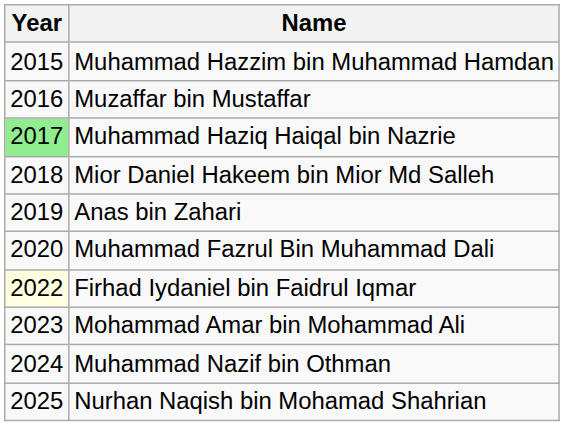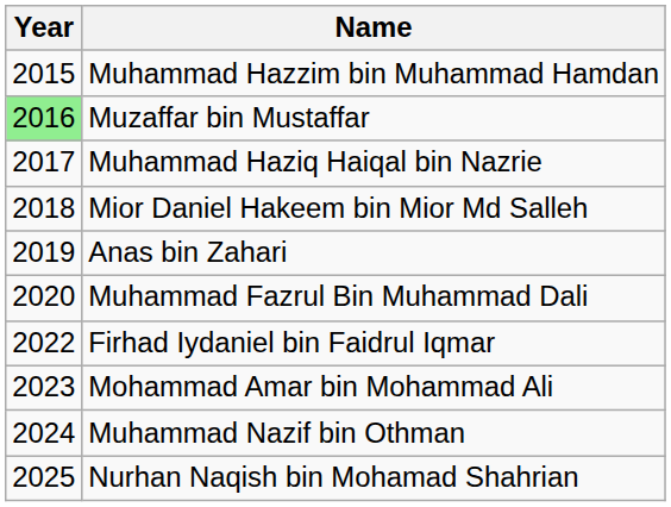 <table class="wikitable">
 <tr>
 <th>Year</th>
 <th>Name</th>
 </tr>
 <tr>
 <td>2015</td>
 <td>Muhammad Hazzim bin Muhammad Hamdan</td>
 </tr>
 <tr>
-<td>2016</td>
+<td style="background: lightgreen;">2016</td>
 <td>Muzaffar bin Mustaffar</td>
 </tr>
 <tr>
-<td style="background: lightgreen;">2017</td>
+<td>2017</td>
 <td>Muhammad Haziq Haiqal bin Nazrie</td>
 </tr>
 <tr>
 <td>2018</td>
 <td>Mior Daniel Hakeem bin Mior Md Salleh</td>
 </tr>
 <tr>
 <td>2019</td>
 <td>Anas bin Zahari</td>
 </tr>
 <tr>
 <td>2020</td>
 <td>Muhammad Fazrul Bin Muhammad Dali</td>
 </tr>
 <tr>
-<td style="background: lightyellow;">2022</td>
+<td>2022</td>
 <td>Firhad Iydaniel bin Faidrul Iqmar</td>
 </tr>
 <tr>
 <td>2023</td>
 <td>Mohammad Amar bin Mohammad Ali</td>
 </tr>
 <tr>
 <td>2024</td>
 <td>Muhammad Nazif bin Othman</td>
 </tr>
 <tr>
 <td>2025</td>
 <td>Nurhan Naqish bin Mohamad Shahrian</td>
 </tr>
 </table>
